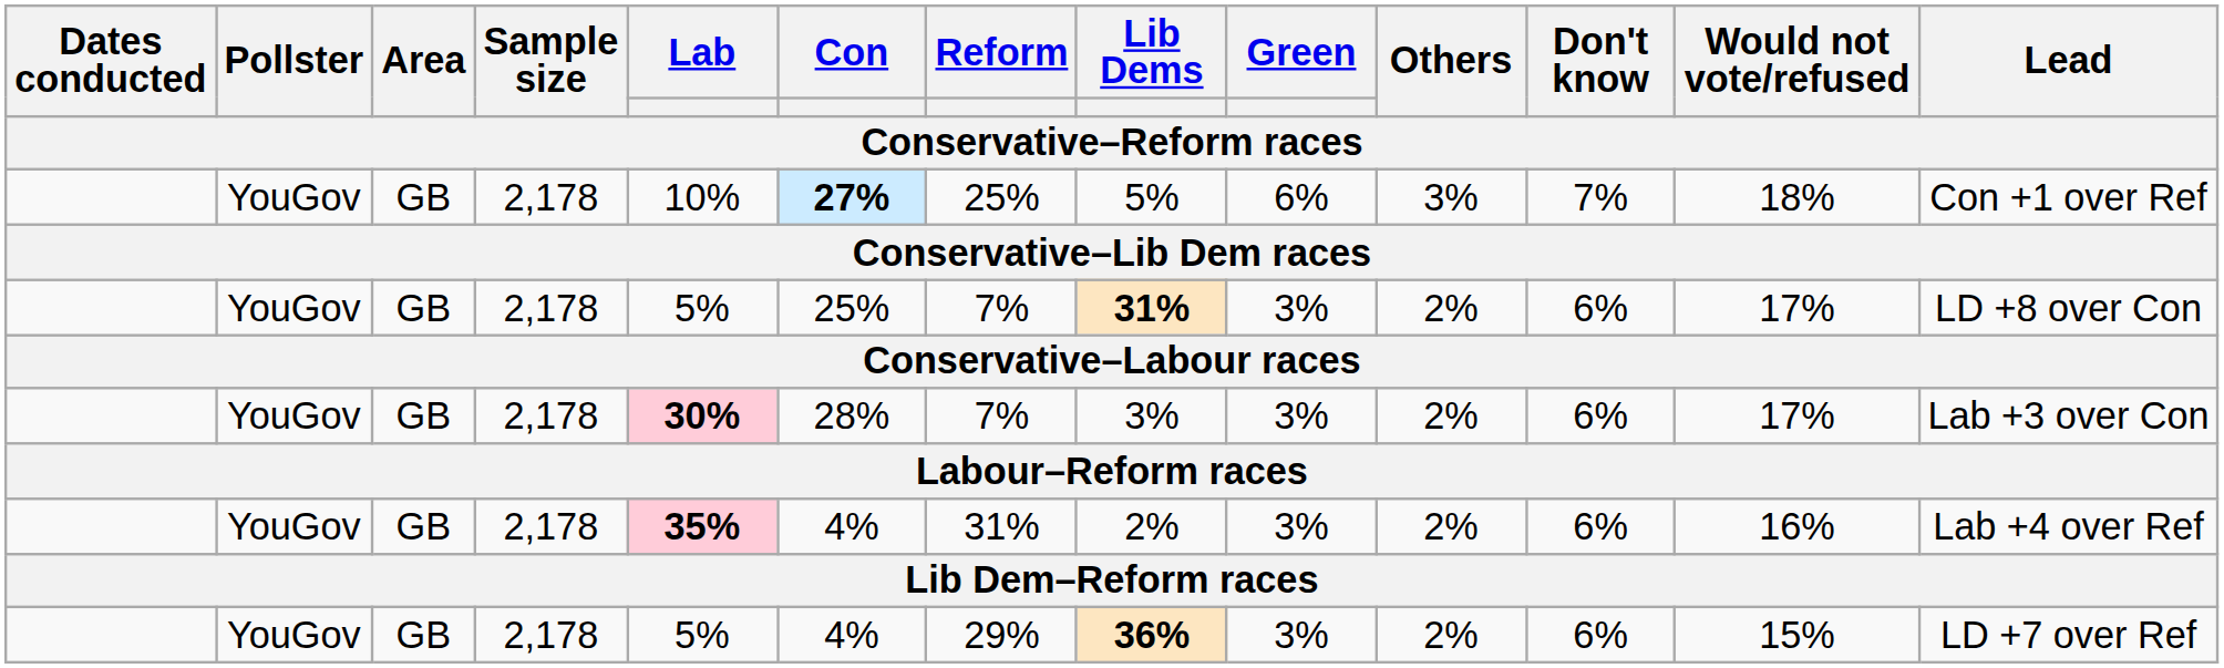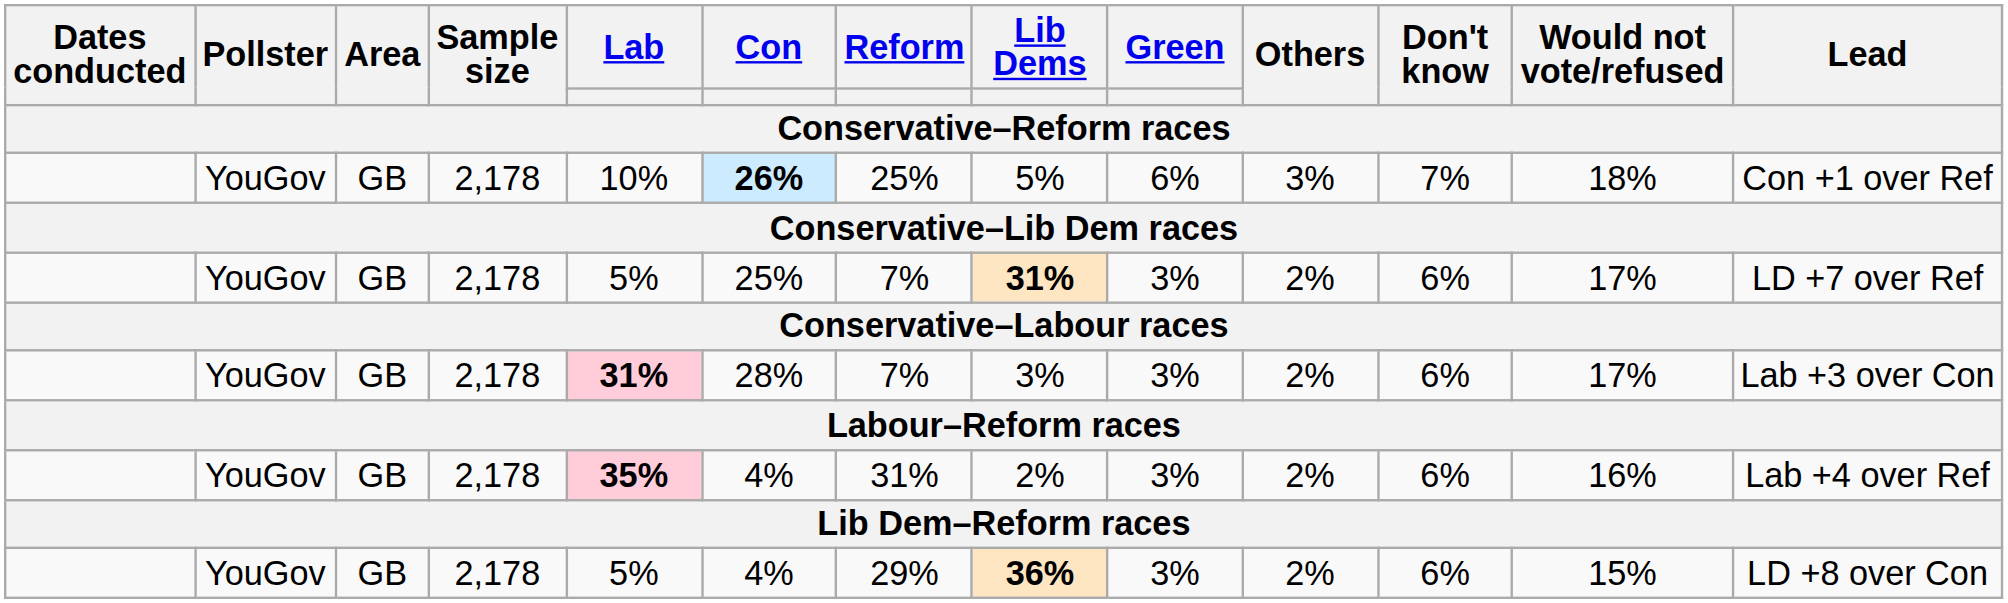 <table class="wikitable sortable mw-datatable" style="text-align:center; font-size:90%; line-height:14px;">
 <tr>
 <th rowspan="2">Dates<br>conducted</th>
 <th rowspan="2">Pollster</th>
 <th rowspan="2">Area</th>
 <th rowspan="2" data-sort-type="number">Sample<br>size</th>
 <th class="unsortable" style="width:50px;"><a href='#'>Lab</a></th>
 <th class="unsortable" style="width:50px;"><a href='#'>Con</a></th>
 <th class="unsortable" style="width:50px;"><a href='#'>Reform</a></th>
 <th class="unsortable" style="width:50px;"><a href='#'>Lib Dems</a></th>
 <th class="unsortable" style="width:50px;"><a href='#'>Green</a></th>
 <th rowspan="2" class="unsortable" style="width:50px;">Others</th>
 <th rowspan="2" class="unsortable" style="width:50px;">Don't know</th>
 <th rowspan="2" class="unsortable" style="width:50px;">Would not vote/refused</th>
 <th rowspan="2" data-sort-type="number">Lead</th>
 </tr>
 <tr>
 <th data-sort-type="number" style="background:"></th>
 <th data-sort-type="number" style="background:"></th>
 <th data-sort-type="number" style="background:"></th>
 <th data-sort-type="number" style="background:"></th>
 <th data-sort-type="number" style="background:"></th>
 </tr>
 <tr>
 <th colspan=13>Conservative–Reform races</th>
 </tr>
 <tr>
 <td></td>
 <td>YouGov</td>
 <td>GB</td>
 <td>2,178</td>
 <td>10%</td>
-<td style="background:#CCEBFF; color: black;"><strong>27%</strong></td>
+<td style="background:#CCEBFF; color: black;"><strong>26%</strong></td>
 <td>25%</td>
 <td>5%</td>
 <td>6%</td>
 <td>3%</td>
 <td>7%</td>
 <td>18%</td>
 <td style="background:">Con +1 over Ref</td>
 </tr>
 <tr>
 <th colspan=13>Conservative–Lib Dem races</th>
 </tr>
 <tr>
 <td></td>
 <td>YouGov</td>
 <td>GB</td>
 <td>2,178</td>
 <td>5%</td>
 <td>25%</td>
 <td>7%</td>
 <td style="background:#FDE6C1;"><strong>31%</strong></td>
 <td>3%</td>
 <td>2%</td>
 <td>6%</td>
 <td>17%</td>
-<td style="background:">LD +8 over Con</td>
+<td style="background:">LD +7 over Ref</td>
 </tr>
 <tr>
 <th colspan=13>Conservative–Labour races</th>
 </tr>
 <tr>
 <td></td>
 <td>YouGov</td>
 <td>GB</td>
 <td>2,178</td>
-<td style="background:#ffccd9; color: black;"><strong>30%</strong></td>
+<td style="background:#ffccd9; color: black;"><strong>31%</strong></td>
 <td>28%</td>
 <td>7%</td>
 <td>3%</td>
 <td>3%</td>
 <td>2%</td>
 <td>6%</td>
 <td>17%</td>
 <td style="background:">Lab +3 over Con</td>
 </tr>
 <tr>
 <th colspan=13>Labour–Reform races</th>
 </tr>
 <tr>
 <td></td>
 <td>YouGov</td>
 <td>GB</td>
 <td>2,178</td>
 <td style="background:#ffccd9; color: black;"><strong>35%</strong></td>
 <td>4%</td>
 <td>31%</td>
 <td>2%</td>
 <td>3%</td>
 <td>2%</td>
 <td>6%</td>
 <td>16%</td>
 <td style="background:">Lab +4 over Ref</td>
 </tr>
 <tr>
 <th colspan=13>Lib Dem–Reform races</th>
 </tr>
 <tr>
 <td></td>
 <td>YouGov</td>
 <td>GB</td>
 <td>2,178</td>
 <td>5%</td>
 <td>4%</td>
 <td>29%</td>
 <td style="background:#FDE6C1;"><strong>36%</strong></td>
 <td>3%</td>
 <td>2%</td>
 <td>6%</td>
 <td>15%</td>
-<td style="background:">LD +7 over Ref</td>
+<td style="background:">LD +8 over Con</td>
 </tr>
 </table>
